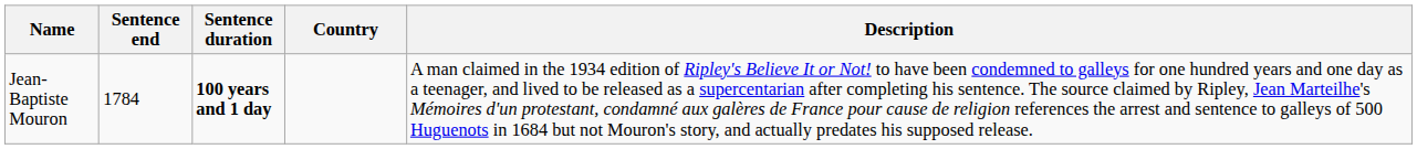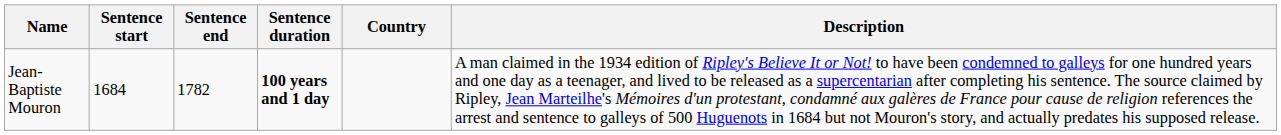 <table class="wikitable sortable" style="display: inline-table;width:;">
 <tr>
 <th style="width:76px;">Name</th>
+<th style="width:75px;">Sentence start</th>
 <th style="width:75px;">Sentence end</th>
 <th style="width:75px;">Sentence duration</th>
 <th style="width:100px;">Country</th>
 <th class="unsortable">Description</th>
 </tr>
 <tr>
 <td>Jean-Baptiste Mouron</td>
-<td>1784</td>
+<td>1684</td>
+<td>1782</td>
 <td><strong>100 years and 1 day</strong></td>
 <td> </td>
 <td>A man claimed in the 1934 edition of <em><a href='#'>Ripley's Believe It or Not!</a></em> to have been <a href='#'>condemned to galleys</a> for one hundred years and one day as a teenager, and lived to be released as a <a href='#'>supercentarian</a> after completing his sentence. The source claimed by Ripley, <a href='#'>Jean Marteilhe</a>'s <em>Mémoires d'un protestant, condamné aux galères de France pour cause de religion</em> references the arrest and sentence to galleys of 500 <a href='#'>Huguenots</a> in 1684 but not Mouron's story, and actually predates his supposed release.</td>
 </tr>
 </table>
